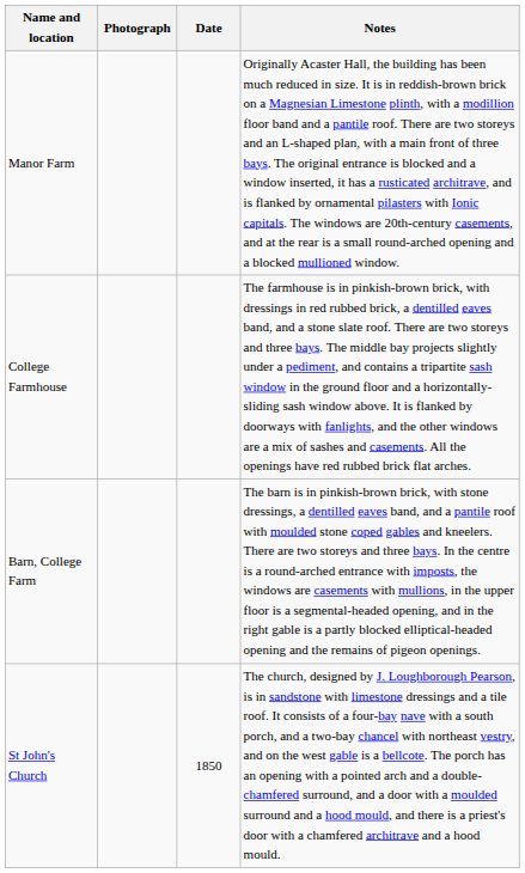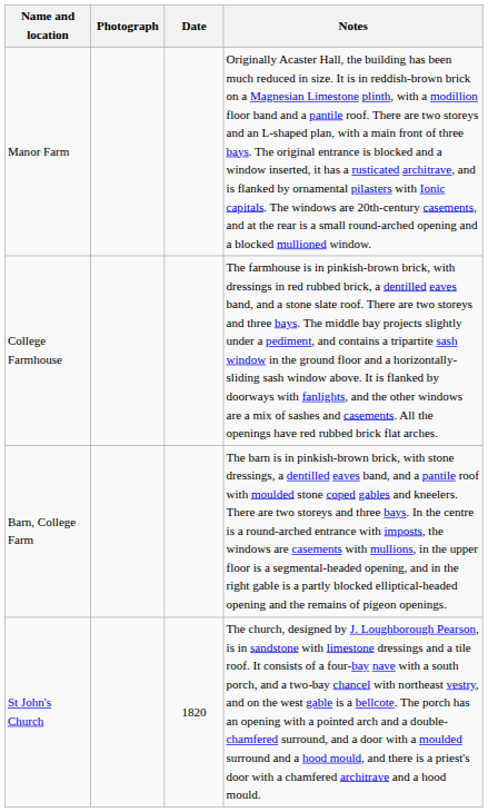 <table class="wikitable sortable plainrowheaders" style="width:100%;border:0px;text-align:left;line-height:150%;">
 <tr>
 <th scope="col"  style="width:150px">Name and location</th>
 <th scope="col"  style="width:100px" class="unsortable">Photograph</th>
 <th scope="col"  style="width:120px">Date</th>
 <th scope="col"  style="width:650px" class="unsortable">Notes</th>
 </tr>
 <tr>
 <td>Manor Farm<br><small></small></td>
 <td></td>
 <td align="center"></td>
 <td>Originally Acaster Hall, the building has been much reduced in size.  It is in reddish-brown brick on a <a href='#'>Magnesian Limestone</a> <a href='#'>plinth</a>, with a <a href='#'>modillion</a> floor band and a <a href='#'>pantile</a> roof.  There are two storeys and an L-shaped plan, with a main front of three <a href='#'>bays</a>.  The original entrance is blocked and a window inserted, it has a <a href='#'>rusticated</a> <a href='#'>architrave</a>, and is flanked by ornamental <a href='#'>pilasters</a> with <a href='#'>Ionic</a> <a href='#'>capitals</a>.  The windows are 20th-century <a href='#'>casements</a>, and at the rear is a small round-arched opening and a blocked <a href='#'>mullioned</a> window.</td>
 </tr>
 <tr>
 <td>College Farmhouse<br><small></small></td>
 <td></td>
 <td align="center"></td>
 <td>The farmhouse is in pinkish-brown brick, with dressings in red rubbed brick, a <a href='#'>dentilled</a> <a href='#'>eaves</a> band, and a stone slate roof.  There are two storeys and three <a href='#'>bays</a>.  The middle bay projects slightly under a <a href='#'>pediment</a>, and contains a tripartite <a href='#'>sash window</a> in the ground floor and a horizontally-sliding sash window above.  It is flanked by doorways with <a href='#'>fanlights</a>, and the other windows are a mix of sashes and <a href='#'>casements</a>.  All the openings have red rubbed brick flat arches.</td>
 </tr>
 <tr>
 <td>Barn, College Farm<br><small></small></td>
 <td></td>
 <td align="center"></td>
 <td>The barn is in pinkish-brown brick, with stone dressings, a <a href='#'>dentilled</a> <a href='#'>eaves</a> band, and a <a href='#'>pantile</a> roof with <a href='#'>moulded</a> stone <a href='#'>coped</a> <a href='#'>gables</a> and kneelers.  There are two storeys and three <a href='#'>bays</a>. In the centre is a round-arched entrance with <a href='#'>imposts</a>, the windows are <a href='#'>casements</a> with <a href='#'>mullions</a>, in the upper floor is a segmental-headed opening, and in the right gable is a partly blocked elliptical-headed opening and the remains of pigeon openings.</td>
 </tr>
 <tr>
 <td><a href='#'>St John's Church</a><br><small></small></td>
 <td></td>
-<td align="center">1850</td>
+<td align="center">1820</td>
 <td>The church, designed by <a href='#'>J. Loughborough Pearson</a>, is in <a href='#'>sandstone</a> with <a href='#'>limestone</a> dressings and a tile roof.  It consists of a four-<a href='#'>bay</a> <a href='#'>nave</a> with a south porch, and a two-bay <a href='#'>chancel</a> with northeast <a href='#'>vestry</a>, and on the west <a href='#'>gable</a> is a <a href='#'>bellcote</a>.  The porch has an opening with a pointed arch and a double-<a href='#'>chamfered</a> surround, and a door with a <a href='#'>moulded</a> surround and a <a href='#'>hood mould</a>, and there is a priest's door with a chamfered <a href='#'>architrave</a> and a hood mould.</td>
 </tr>
 <tr>
 </tr>
 </table>
